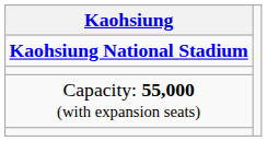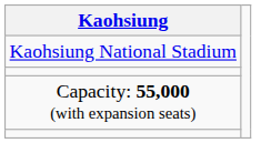 <table class="wikitable" style="text-align:center">
 <tr>
 <th><a href='#'>Kaohsiung</a></th>
 <td colspan="3" rowspan="5"><br></td>
 </tr>
 <tr>
-<td><strong><a href='#'>Kaohsiung National Stadium</a></strong></td>
+<td><a href='#'>Kaohsiung National Stadium</a></td>
 </tr>
 <tr>
 <td><small></small></td>
 </tr>
 <tr>
 <td>Capacity: <strong>55,000</strong><br><small>(with expansion seats)</small></td>
 </tr>
 <tr>
 <td></td>
 </tr>
 </table>
